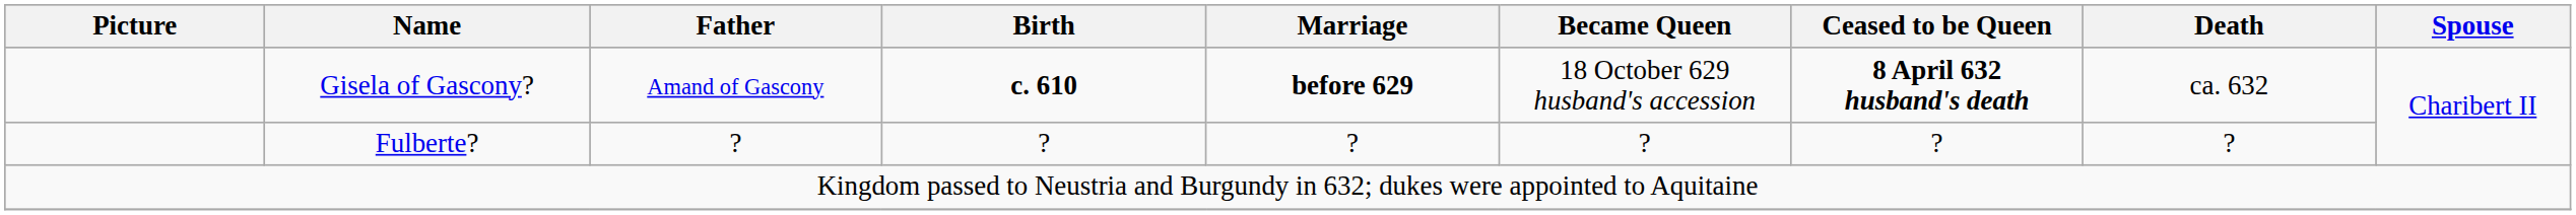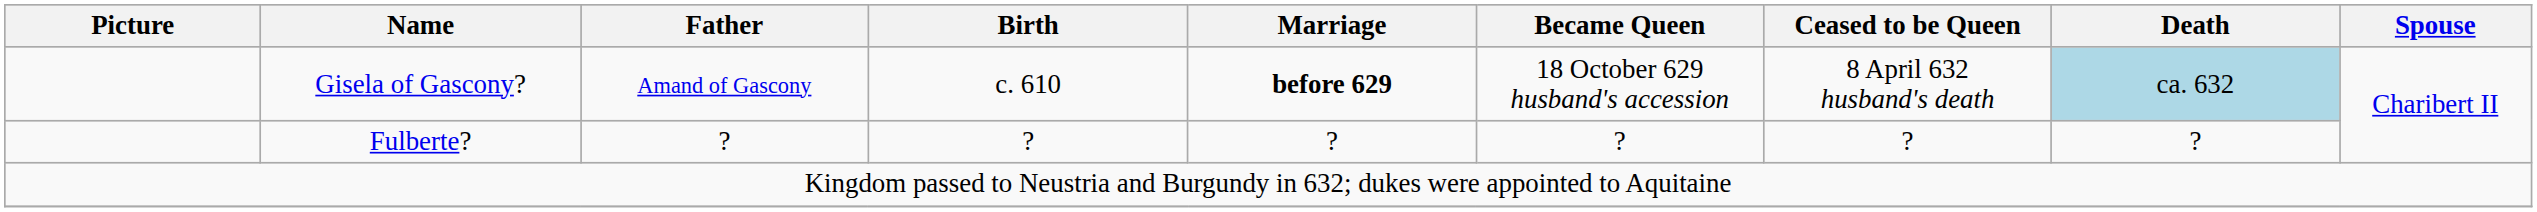 <table width=95% class="wikitable">
 <tr>
 <th width = "8%">Picture</th>
 <th width = "10%">Name</th>
 <th width = "9%">Father</th>
 <th width = "10%">Birth</th>
 <th width = "9%">Marriage</th>
 <th width = "9%">Became Queen</th>
 <th width = "9%">Ceased to be Queen</th>
 <th width = "9%">Death</th>
 <th width = "6%"><a href='#'>Spouse</a></th>
 </tr>
 <tr>
 <td align="center"></td>
 <td align="center"><a href='#'>Gisela of Gascony</a>?</td>
 <td align="center"><small><a href='#'>Amand of Gascony</a></small></td>
-<td align="center"><strong>c. 610</strong></td>
+<td align="center">c. 610</td>
 <td align="center"><strong>before 629</strong></td>
 <td align="center">18 October 629<br><em>husband's accession</em></td>
-<td align="center"><strong>8 April 632<br><em>husband's death</em></strong></td>
-<td align="center">ca. 632</td>
+<td align="center">8 April 632<br><em>husband's death</em></td>
+<td align="center" style="background: lightblue;">ca. 632</td>
 <td align="center" rowspan="2"><a href='#'>Charibert II</a></td>
 </tr>
 <tr>
 <td align="center"></td>
 <td align="center"><a href='#'>Fulberte</a>?</td>
 <td align="center">?</td>
 <td align="center">?</td>
 <td align="center">?</td>
 <td align="center">?</td>
 <td align="center">?</td>
 <td align="center">?</td>
 </tr>
 <tr>
 <td align="center" colspan="9">Kingdom passed to Neustria and Burgundy in 632; dukes were appointed to Aquitaine</td>
 </tr>
 <tr>
 </tr>
 </table>
